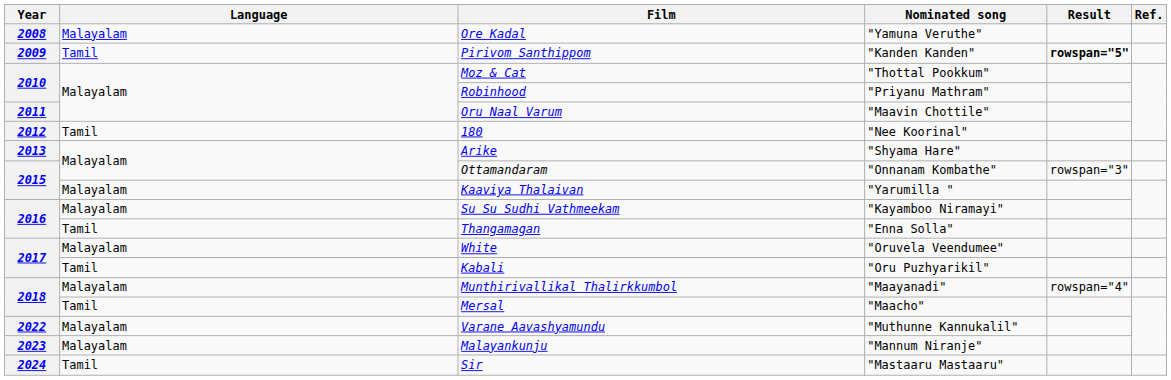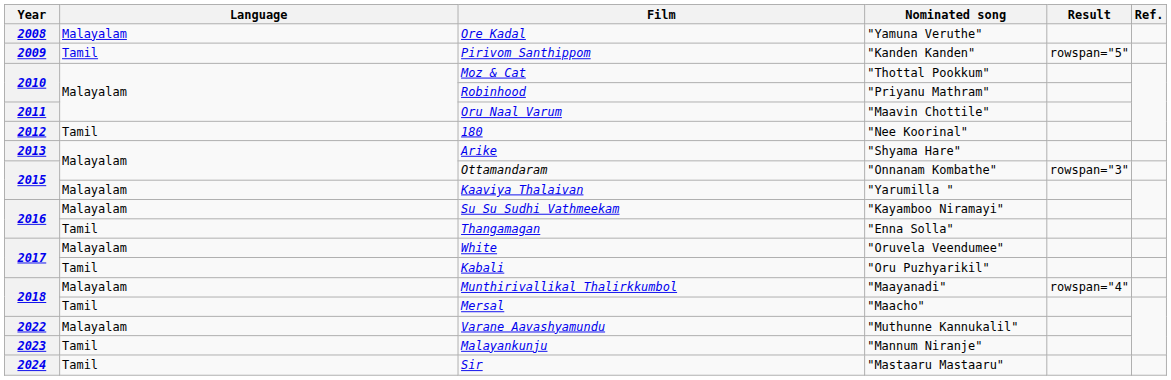 <table class="wikitable plainrowheaders" width="100%" textcolor:#000;">
 <tr>
 <th scope="col" width=5%><strong>Year</strong></th>
 <th scope="col" width=39%><strong>Language</strong></th>
 <th scope="col" width=39%><strong>Film</strong></th>
 <th scope="col" width=39%><strong>Nominated song</strong></th>
 <th scope="col" width=15%><strong>Result</strong></th>
 <th scope="col" width=2%><strong>Ref.</strong></th>
 </tr>
 <tr>
 <th scope="row"><em><a href='#'>2008</a></em></th>
 <td><a href='#'>Malayalam</a></td>
 <td><em><a href='#'>Ore Kadal</a></em></td>
 <td>"Yamuna Veruthe"</td>
 <td></td>
 <td></td>
 </tr>
 <tr>
 <th scope="row"><em><a href='#'>2009</a></em></th>
 <td><a href='#'>Tamil</a></td>
 <td><em><a href='#'>Pirivom Santhippom</a></em></td>
 <td>"Kanden Kanden"</td>
-<td><strong>rowspan="5" </strong></td>
+<td>rowspan="5" </td>
 <td></td>
 </tr>
 <tr>
 <th scope="row" rowspan="2"><em><a href='#'>2010</a></em></th>
 <td rowspan="3">Malayalam</td>
 <td><em><a href='#'>Moz & Cat</a></em></td>
 <td>"Thottal Pookkum"</td>
 <td></td>
 </tr>
 <tr>
 <td><em><a href='#'>Robinhood</a></em></td>
 <td>"Priyanu Mathram"</td>
 <td></td>
 </tr>
 <tr>
 <th scope="row"><em><a href='#'>2011</a></em></th>
 <td><em><a href='#'>Oru Naal Varum</a></em></td>
 <td>"Maavin Chottile"</td>
 <td></td>
 </tr>
 <tr>
 <th scope="row"><em><a href='#'>2012</a></em></th>
 <td>Tamil</td>
 <td><em><a href='#'>180</a></em></td>
 <td>"Nee Koorinal"</td>
 <td></td>
 </tr>
 <tr>
 <th scope="row"><em><a href='#'>2013</a></em></th>
 <td rowspan="2">Malayalam</td>
 <td><em><a href='#'>Arike</a></em></td>
 <td>"Shyama Hare"</td>
 <td></td>
 <td></td>
 </tr>
 <tr>
 <th scope="row" rowspan="2"><em><a href='#'>2015</a></em></th>
 <td><em>Ottamandaram</em></td>
 <td>"Onnanam Kombathe"</td>
 <td>rowspan="3" </td>
 <td></td>
 </tr>
 <tr>
 <td>Malayalam</td>
 <td><em><a href='#'>Kaaviya Thalaivan</a></em></td>
 <td>"Yarumilla "</td>
 <td></td>
 </tr>
 <tr>
 <th scope="row" rowspan="2"><em><a href='#'>2016</a></em></th>
 <td>Malayalam</td>
 <td><em><a href='#'>Su Su Sudhi Vathmeekam</a></em></td>
 <td>"Kayamboo Niramayi"</td>
 <td></td>
 </tr>
 <tr>
 <td>Tamil</td>
 <td><em><a href='#'>Thangamagan</a></em></td>
 <td>"Enna Solla"</td>
 <td></td>
 <td></td>
 </tr>
 <tr>
 <th scope="row" rowspan="2"><em><a href='#'>2017</a></em></th>
 <td>Malayalam</td>
 <td><em><a href='#'>White</a></em></td>
 <td>"Oruvela Veendumee"</td>
 <td></td>
 <td></td>
 </tr>
 <tr>
 <td>Tamil</td>
 <td><em><a href='#'>Kabali</a></em></td>
 <td>"Oru Puzhyarikil"</td>
 <td></td>
 <td></td>
 </tr>
 <tr>
 <th scope="row" rowspan="2"><em><a href='#'>2018</a></em></th>
 <td>Malayalam</td>
 <td><em><a href='#'>Munthirivallikal Thalirkkumbol</a></em></td>
 <td>"Maayanadi"</td>
 <td>rowspan="4" </td>
 <td></td>
 </tr>
 <tr>
 <td>Tamil</td>
 <td><em><a href='#'>Mersal</a></em></td>
 <td>"Maacho"</td>
 <td></td>
 </tr>
 <tr>
 <th scope="row"><em><a href='#'>2022</a></em></th>
 <td>Malayalam</td>
 <td><em><a href='#'>Varane Aavashyamundu</a></em></td>
 <td>"Muthunne Kannukalil"</td>
 <td></td>
 </tr>
 <tr>
 <th scope="row"><em><a href='#'>2023</a></em></th>
-<td>Malayalam</td>
+<td>Tamil</td>
 <td><em><a href='#'>Malayankunju</a></em></td>
 <td>"Mannum Niranje"</td>
 <td></td>
 </tr>
 <tr>
 <th scope="row"><em><a href='#'>2024</a></em></th>
 <td>Tamil</td>
 <td><em><a href='#'>Sir</a></em></td>
 <td>"Mastaaru Mastaaru"</td>
 <td></td>
 <td></td>
 </tr>
 </table>
